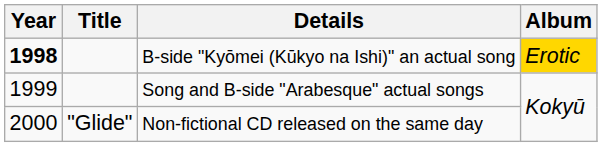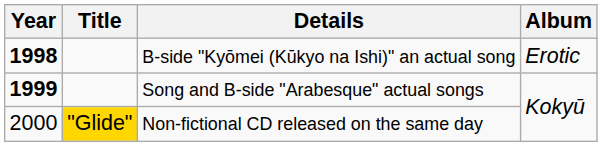 <table class="wikitable">
 <tr>
 <th>Year</th>
 <th>Title</th>
 <th>Details</th>
 <th>Album</th>
 </tr>
 <tr>
 <td><strong>1998</strong></td>
 <td></td>
 <td><small>B-side "Kyōmei (Kūkyo na Ishi)" an actual song</small></td>
-<td style="background: gold;"><em>Erotic</em></td>
+<td><em>Erotic</em></td>
 </tr>
 <tr>
-<td>1999</td>
+<td><strong>1999</strong></td>
 <td></td>
 <td><small>Song and B-side "Arabesque" actual songs</small></td>
 <td rowspan="2"><em>Kokyū</em></td>
 </tr>
 <tr>
 <td>2000</td>
-<td>"Glide"</td>
+<td style="background: gold;">"Glide"</td>
 <td><small>Non-fictional CD released on the same day</small></td>
 </tr>
 </table>
